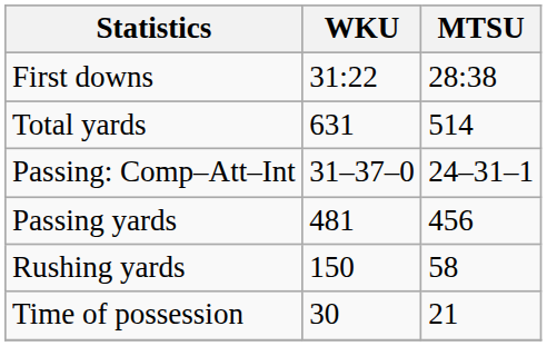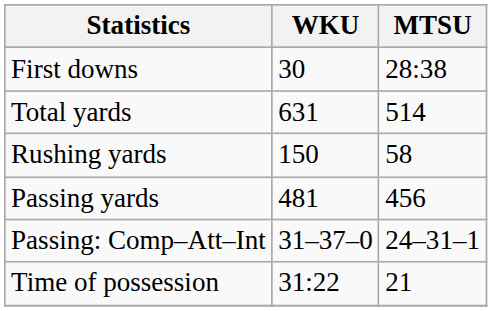 <table class="wikitable" style="float: left;">
 <tr>
 <th>Statistics</th>
 <th>WKU</th>
 <th>MTSU</th>
 </tr>
 <tr>
 <td>First downs</td>
-<td>31:22</td>
+<td>30</td>
 <td>28:38</td>
 </tr>
 <tr>
 <td>Total yards</td>
 <td>631</td>
 <td>514</td>
 </tr>
 <tr>
-<td>Passing: Comp–Att–Int</td>
-<td>31–37–0</td>
-<td>24–31–1</td>
+<td>Rushing yards</td>
+<td>150</td>
+<td>58</td>
 </tr>
 <tr>
 <td>Passing yards</td>
 <td>481</td>
 <td>456</td>
 </tr>
 <tr>
-<td>Rushing yards</td>
-<td>150</td>
-<td>58</td>
+<td>Passing: Comp–Att–Int</td>
+<td>31–37–0</td>
+<td>24–31–1</td>
 </tr>
 <tr>
 <td>Time of possession</td>
-<td>30</td>
+<td>31:22</td>
 <td>21</td>
 </tr>
 <tr>
 </tr>
 </table>
